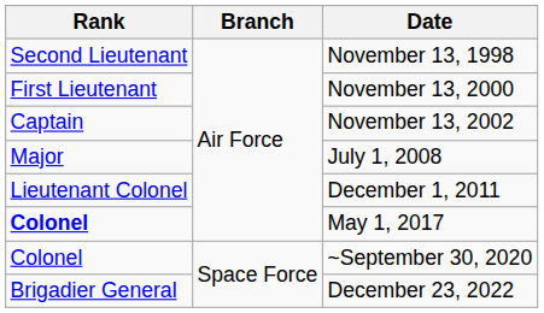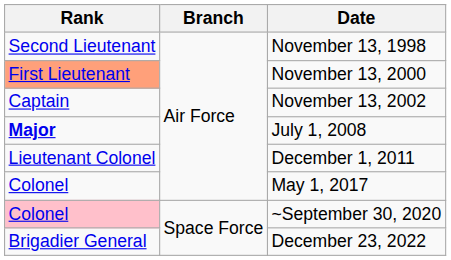 <table class="wikitable">
 <tr>
 <th>Rank</th>
 <th>Branch</th>
 <th>Date</th>
 </tr>
 <tr>
 <td> <a href='#'>Second Lieutenant</a></td>
 <td rowspan=6>Air Force</td>
 <td>November 13, 1998</td>
 </tr>
 <tr>
-<td> <a href='#'>First Lieutenant</a></td>
+<td style="background: lightsalmon;"> <a href='#'>First Lieutenant</a></td>
 <td>November 13, 2000</td>
 </tr>
 <tr>
 <td> <a href='#'>Captain</a></td>
 <td>November 13, 2002</td>
 </tr>
 <tr>
-<td> <a href='#'>Major</a></td>
+<td><strong> <a href='#'>Major</a></strong></td>
 <td>July 1, 2008</td>
 </tr>
 <tr>
 <td> <a href='#'>Lieutenant Colonel</a></td>
 <td>December 1, 2011</td>
 </tr>
 <tr>
-<td><strong> <a href='#'>Colonel</a></strong></td>
+<td> <a href='#'>Colonel</a></td>
 <td>May 1, 2017</td>
 </tr>
 <tr>
-<td> <a href='#'>Colonel</a></td>
+<td style="background: pink;"> <a href='#'>Colonel</a></td>
 <td rowspan=2>Space Force</td>
 <td>~September 30, 2020</td>
 </tr>
 <tr>
 <td> <a href='#'>Brigadier General</a></td>
 <td>December 23, 2022</td>
 </tr>
 </table>
